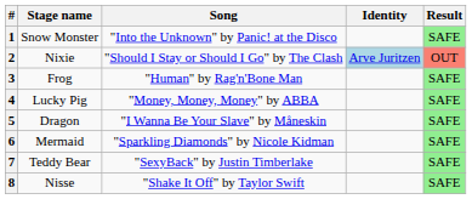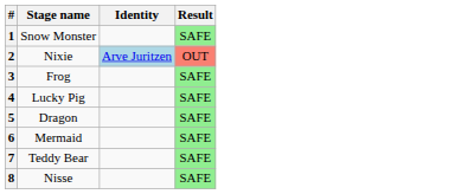 <table class="wikitable plainrowheaders" style="text-align: center;">
 <tr>
 <th>#</th>
 <th>Stage name</th>
-<th>Song</th>
 <th>Identity</th>
 <th>Result</th>
 </tr>
 <tr>
 <th>1</th>
 <td>Snow Monster</td>
-<td>"<a href='#'>Into the Unknown</a>" by <a href='#'>Panic! at the Disco</a></td>
 <td></td>
 <td bgcolor="lightgreen">SAFE</td>
 </tr>
 <tr>
 <th>2</th>
 <td>Nixie</td>
-<td>"<a href='#'>Should I Stay or Should I Go</a>" by <a href='#'>The Clash</a></td>
 <td style="background: lightblue;"><a href='#'>Arve Juritzen</a></td>
 <td bgcolor=salmon>OUT</td>
 </tr>
 <tr>
 <th>3</th>
 <td>Frog</td>
-<td>"<a href='#'>Human</a>" by <a href='#'>Rag'n'Bone Man</a></td>
 <td></td>
 <td bgcolor="lightgreen">SAFE</td>
 </tr>
 <tr>
 <th>4</th>
 <td>Lucky Pig</td>
-<td>"<a href='#'>Money, Money, Money</a>" by <a href='#'>ABBA</a></td>
 <td></td>
 <td bgcolor="lightgreen">SAFE</td>
 </tr>
 <tr>
 <th>5</th>
 <td>Dragon</td>
-<td>"<a href='#'>I Wanna Be Your Slave</a>" by <a href='#'>Måneskin</a></td>
 <td></td>
 <td bgcolor="lightgreen">SAFE</td>
 </tr>
 <tr>
 <th>6</th>
 <td>Mermaid</td>
-<td>"<a href='#'>Sparkling Diamonds</a>" by <a href='#'>Nicole Kidman</a></td>
 <td></td>
 <td bgcolor="lightgreen">SAFE</td>
 </tr>
 <tr>
 <th>7</th>
 <td>Teddy Bear</td>
-<td>"<a href='#'>SexyBack</a>" by <a href='#'>Justin Timberlake</a></td>
 <td></td>
 <td bgcolor="lightgreen">SAFE</td>
 </tr>
 <tr>
 <th>8</th>
 <td>Nisse</td>
-<td>"<a href='#'>Shake It Off</a>" by <a href='#'>Taylor Swift</a></td>
 <td></td>
 <td bgcolor="lightgreen">SAFE</td>
 </tr>
 </table>
